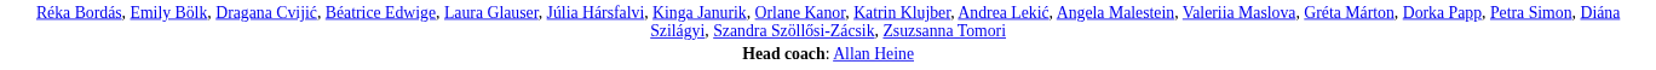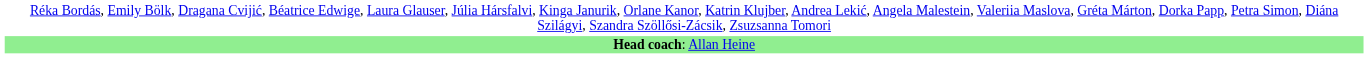 <table style="text-align: center; margin-top: 1em; margin-left: auto; margin-right: auto">
 <tr>
 <td><a href='#'>Réka Bordás</a>, <a href='#'>Emily Bölk</a>, <a href='#'>Dragana Cvijić</a>, <a href='#'>Béatrice Edwige</a>, <a href='#'>Laura Glauser</a>, <a href='#'>Júlia Hársfalvi</a>, <a href='#'>Kinga Janurik</a>, <a href='#'>Orlane Kanor</a>, <a href='#'>Katrin Klujber</a>, <a href='#'>Andrea Lekić</a>, <a href='#'>Angela Malestein</a>, <a href='#'>Valeriia Maslova</a>, <a href='#'>Gréta Márton</a>, <a href='#'>Dorka Papp</a>, <a href='#'>Petra Simon</a>, <a href='#'>Diána Szilágyi</a>, <a href='#'>Szandra Szöllősi-Zácsik</a>, <a href='#'>Zsuzsanna Tomori</a></td>
 </tr>
 <tr>
-<td><strong>Head coach</strong>: <a href='#'>Allan Heine</a></td>
+<td style="background: lightgreen;"><strong>Head coach</strong>: <a href='#'>Allan Heine</a></td>
 </tr>
 </table>
